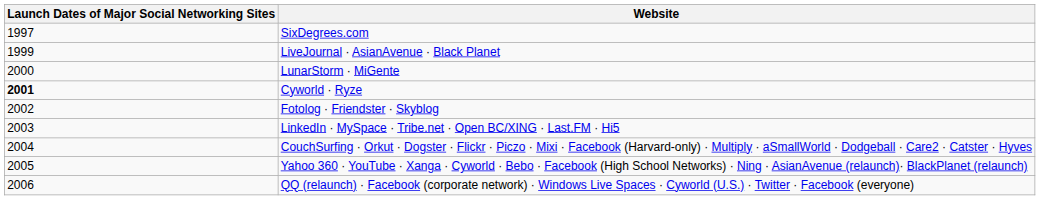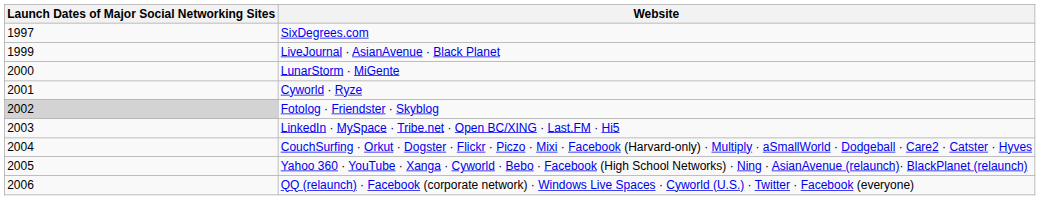 <table class="wikitable">
 <tr>
 <th>Launch Dates of Major Social Networking Sites</th>
 <th>Website</th>
 </tr>
 <tr>
 <td>1997</td>
 <td><a href='#'>SixDegrees.com</a></td>
 </tr>
 <tr>
 <td>1999</td>
 <td><a href='#'>LiveJournal</a> · <a href='#'>AsianAvenue</a> · <a href='#'>Black Planet</a></td>
 </tr>
 <tr>
 <td>2000</td>
 <td><a href='#'>LunarStorm</a> · <a href='#'>MiGente</a></td>
 </tr>
 <tr>
-<td><strong>2001</strong></td>
+<td>2001</td>
 <td><a href='#'>Cyworld</a> · <a href='#'>Ryze</a></td>
 </tr>
 <tr>
-<td>2002</td>
+<td style="background: lightgrey;">2002</td>
 <td><a href='#'>Fotolog</a> · <a href='#'>Friendster</a> · <a href='#'>Skyblog</a></td>
 </tr>
 <tr>
 <td>2003</td>
 <td><a href='#'>LinkedIn</a> · <a href='#'>MySpace</a> · <a href='#'>Tribe.net</a> · <a href='#'>Open BC/XING</a> · <a href='#'>Last.FM</a> · <a href='#'>Hi5</a></td>
 </tr>
 <tr>
 <td>2004</td>
 <td><a href='#'>CouchSurfing</a> · <a href='#'>Orkut</a> · <a href='#'>Dogster</a> · <a href='#'>Flickr</a> · <a href='#'>Piczo</a> · <a href='#'>Mixi</a> · <a href='#'>Facebook</a> (Harvard-only) · <a href='#'>Multiply</a> · <a href='#'>aSmallWorld</a> · <a href='#'>Dodgeball</a> · <a href='#'>Care2</a> · <a href='#'>Catster</a> · <a href='#'>Hyves</a></td>
 </tr>
 <tr>
 <td>2005</td>
 <td><a href='#'>Yahoo 360</a> · <a href='#'>YouTube</a> · <a href='#'>Xanga</a> · <a href='#'>Cyworld</a> · <a href='#'>Bebo</a> · <a href='#'>Facebook</a> (High School Networks) · <a href='#'>Ning</a> · <a href='#'>AsianAvenue (relaunch)</a>· <a href='#'>BlackPlanet (relaunch)</a></td>
 </tr>
 <tr>
 <td>2006</td>
 <td><a href='#'>QQ (relaunch)</a> · <a href='#'>Facebook</a> (corporate network) · <a href='#'>Windows Live Spaces</a> · <a href='#'>Cyworld (U.S.)</a> · <a href='#'>Twitter</a> · <a href='#'>Facebook</a> (everyone)</td>
 </tr>
 </table>
